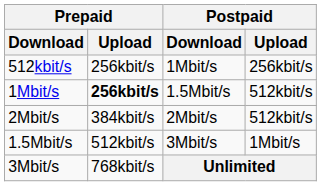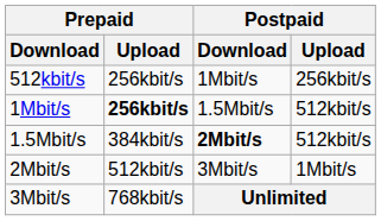 <table class="wikitable">
 <tr>
 <th width = "90" colspan = "2">Prepaid</th>
 <th width = "90" colspan = "2">Postpaid</th>
 </tr>
 <tr>
 <th>Download</th>
 <th>Upload</th>
 <th>Download</th>
 <th>Upload</th>
 </tr>
 <tr>
 <td>512<a href='#'>kbit/s</a></td>
 <td>256kbit/s</td>
 <td>1Mbit/s</td>
 <td>256kbit/s</td>
 </tr>
 <tr>
 <td>1<a href='#'>Mbit/s</a></td>
 <td><strong>256kbit/s</strong></td>
 <td>1.5Mbit/s</td>
 <td>512kbit/s</td>
 </tr>
 <tr>
-<td>2Mbit/s</td>
+<td>1.5Mbit/s</td>
 <td>384kbit/s</td>
-<td>2Mbit/s</td>
+<td><strong>2Mbit/s</strong></td>
 <td>512kbit/s</td>
 </tr>
 <tr>
-<td>1.5Mbit/s</td>
+<td>2Mbit/s</td>
 <td>512kbit/s</td>
 <td>3Mbit/s</td>
 <td>1Mbit/s</td>
 </tr>
 <tr>
 <td>3Mbit/s</td>
 <td>768kbit/s</td>
 <th width = "90" colspan = "2">Unlimited</th>
 </tr>
 </table>
